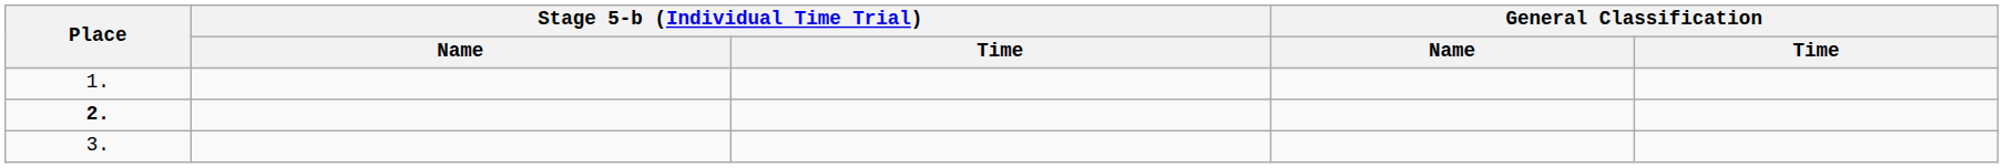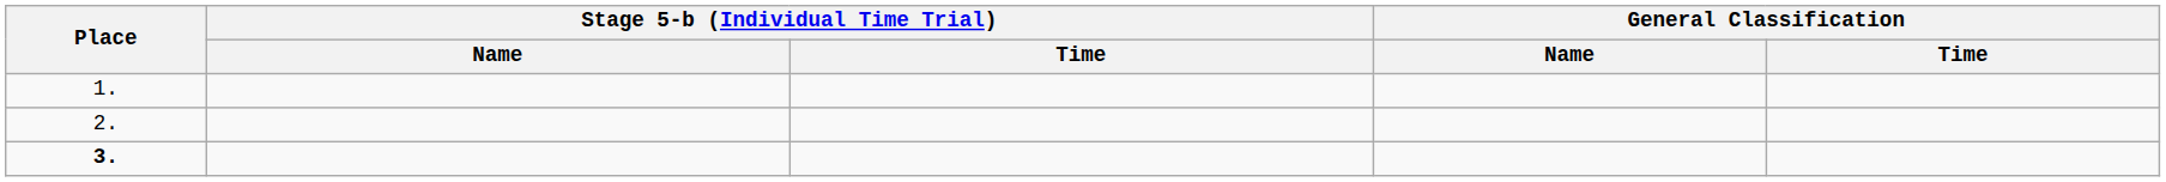 <table class=wikitable style="font-size:95%" width="80%">
 <tr>
 <th rowspan="2">Place</th>
 <th colspan="2">Stage 5-b (<a href='#'>Individual Time Trial</a>)</th>
 <th colspan="2">General Classification</th>
 </tr>
 <tr>
 <th>Name</th>
 <th>Time</th>
 <th>Name</th>
 <th>Time</th>
 </tr>
 <tr>
 <td align="center">1.</td>
 <td></td>
 <td></td>
 <td></td>
 <td></td>
 </tr>
 <tr>
-<td align="center"><strong>2.</strong></td>
+<td align="center">2.</td>
 <td></td>
 <td></td>
 <td></td>
 <td></td>
 </tr>
 <tr>
-<td align="center">3.</td>
+<td align="center"><strong>3.</strong></td>
 <td></td>
 <td></td>
 <td></td>
 <td></td>
 </tr>
 </table>
